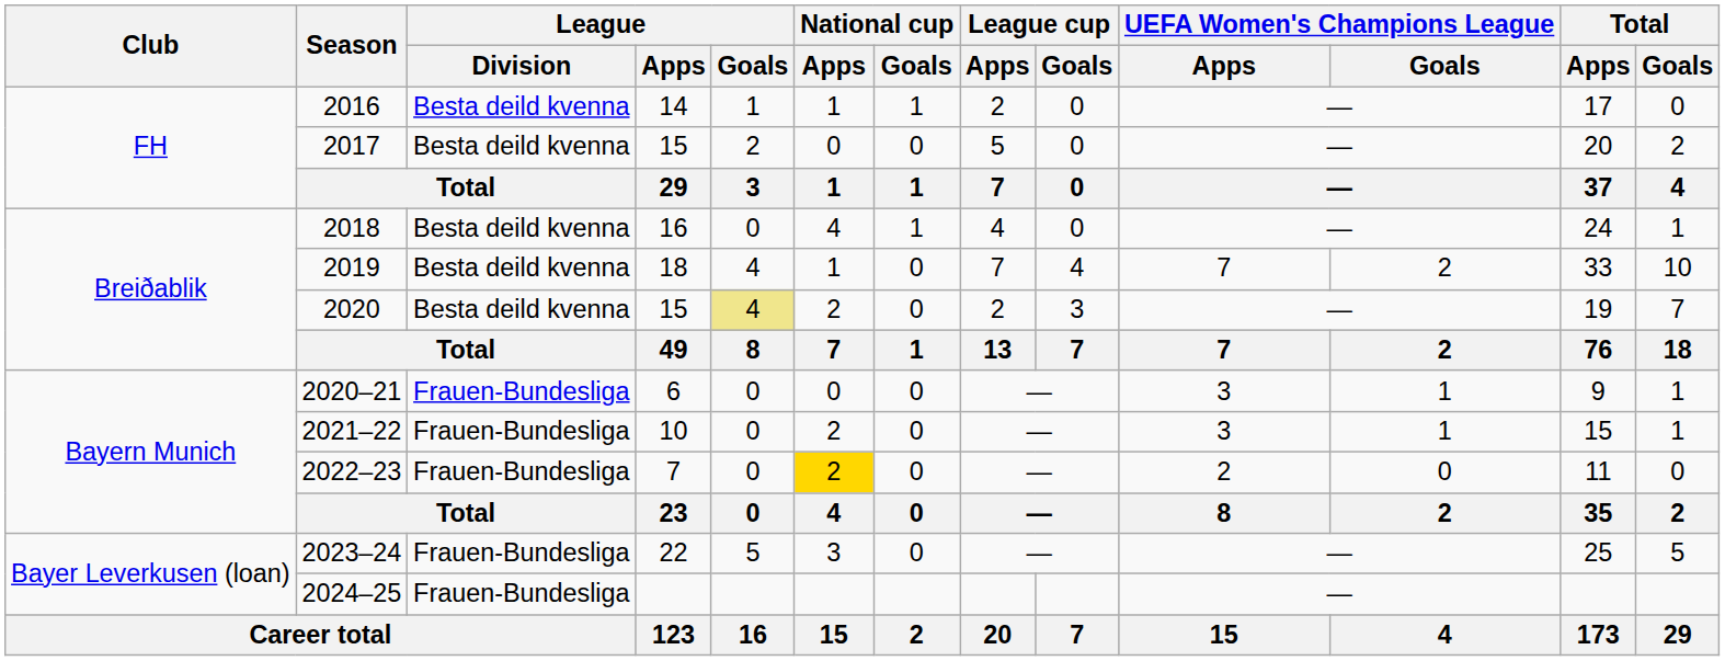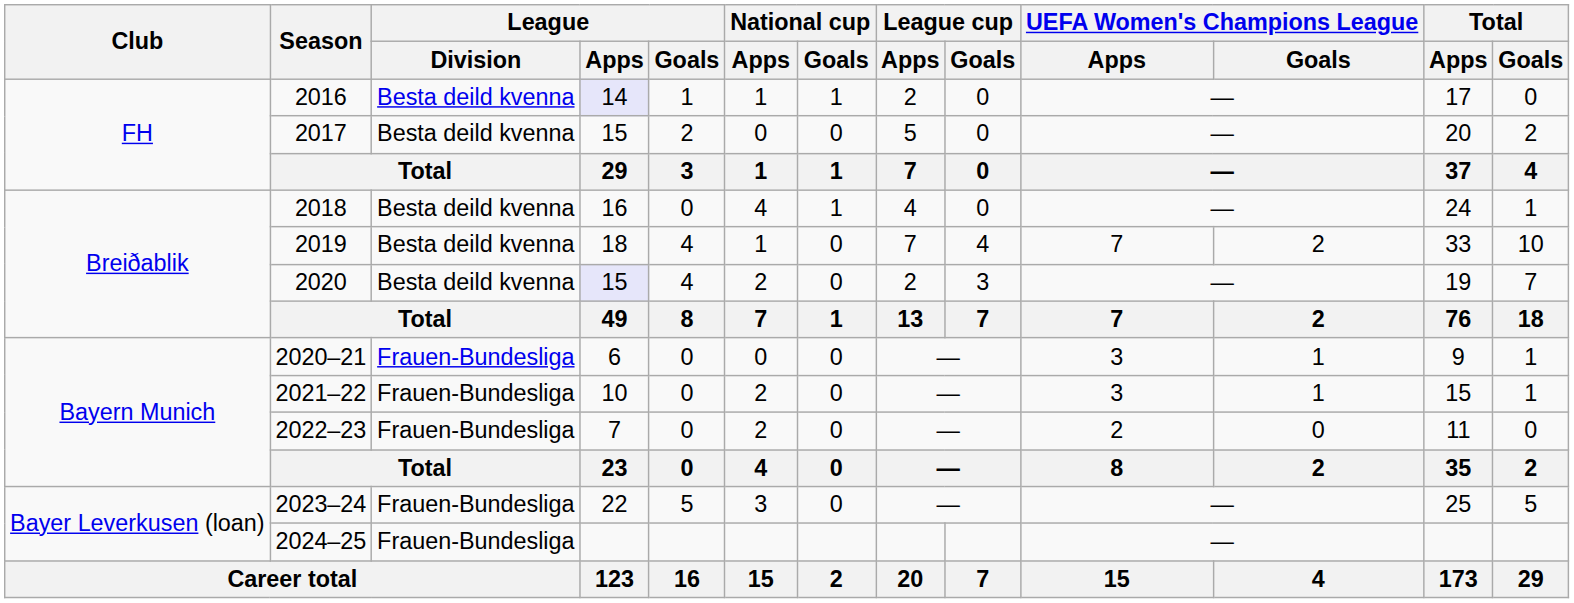 <table class="wikitable" style="text-align:center">
 <tr>
 <th rowspan="2">Club</th>
 <th rowspan="2">Season</th>
 <th colspan="3">League</th>
 <th colspan="2">National cup </th>
 <th colspan="2">League cup </th>
 <th colspan="2"><a href='#'>UEFA Women's Champions League</a></th>
 <th colspan="2">Total</th>
 </tr>
 <tr>
 <th>Division</th>
 <th>Apps</th>
 <th>Goals</th>
 <th>Apps</th>
 <th>Goals</th>
 <th>Apps</th>
 <th>Goals</th>
 <th>Apps</th>
 <th>Goals</th>
 <th>Apps</th>
 <th>Goals</th>
 </tr>
 <tr>
 <td rowspan="3"><a href='#'>FH</a></td>
 <td>2016</td>
 <td><a href='#'>Besta deild kvenna</a></td>
-<td>14</td>
+<td style="background: lavender;">14</td>
 <td>1</td>
 <td>1</td>
 <td>1</td>
 <td>2</td>
 <td>0</td>
 <td colspan="2">—</td>
 <td>17</td>
 <td>0</td>
 </tr>
 <tr>
 <td>2017</td>
 <td>Besta deild kvenna</td>
 <td>15</td>
 <td>2</td>
 <td>0</td>
 <td>0</td>
 <td>5</td>
 <td>0</td>
 <td colspan="2">—</td>
 <td>20</td>
 <td>2</td>
 </tr>
 <tr>
 <th colspan="2">Total</th>
 <th>29</th>
 <th>3</th>
 <th>1</th>
 <th>1</th>
 <th>7</th>
 <th>0</th>
 <th colspan="2">—</th>
 <th>37</th>
 <th>4</th>
 </tr>
 <tr>
 <td rowspan="4"><a href='#'>Breiðablik</a></td>
 <td>2018</td>
 <td>Besta deild kvenna</td>
 <td>16</td>
 <td>0</td>
 <td>4</td>
 <td>1</td>
 <td>4</td>
 <td>0</td>
 <td colspan="2">—</td>
 <td>24</td>
 <td>1</td>
 </tr>
 <tr>
 <td>2019</td>
 <td>Besta deild kvenna</td>
 <td>18</td>
 <td>4</td>
 <td>1</td>
 <td>0</td>
 <td>7</td>
 <td>4</td>
 <td>7</td>
 <td>2</td>
 <td>33</td>
 <td>10</td>
 </tr>
 <tr>
 <td>2020</td>
 <td>Besta deild kvenna</td>
-<td>15</td>
-<td style="background: khaki;">4</td>
+<td style="background: lavender;">15</td>
+<td>4</td>
 <td>2</td>
 <td>0</td>
 <td>2</td>
 <td>3</td>
 <td colspan="2">—</td>
 <td>19</td>
 <td>7</td>
 </tr>
 <tr>
 <th colspan="2">Total</th>
 <th>49</th>
 <th>8</th>
 <th>7</th>
 <th>1</th>
 <th>13</th>
 <th>7</th>
 <th>7</th>
 <th>2</th>
 <th>76</th>
 <th>18</th>
 </tr>
 <tr>
 <td rowspan="4"><a href='#'>Bayern Munich</a></td>
 <td>2020–21</td>
 <td><a href='#'>Frauen-Bundesliga</a></td>
 <td>6</td>
 <td>0</td>
 <td>0</td>
 <td>0</td>
 <td colspan="2">—</td>
 <td>3</td>
 <td>1</td>
 <td>9</td>
 <td>1</td>
 </tr>
 <tr>
 <td>2021–22</td>
 <td>Frauen-Bundesliga</td>
 <td>10</td>
 <td>0</td>
 <td>2</td>
 <td>0</td>
 <td colspan="2">—</td>
 <td>3</td>
 <td>1</td>
 <td>15</td>
 <td>1</td>
 </tr>
 <tr>
 <td>2022–23</td>
 <td>Frauen-Bundesliga</td>
 <td>7</td>
 <td>0</td>
-<td style="background: gold;">2</td>
+<td>2</td>
 <td>0</td>
 <td colspan="2">—</td>
 <td>2</td>
 <td>0</td>
 <td>11</td>
 <td>0</td>
 </tr>
 <tr>
 <th colspan="2">Total</th>
 <th>23</th>
 <th>0</th>
 <th>4</th>
 <th>0</th>
 <th colspan="2">—</th>
 <th>8</th>
 <th>2</th>
 <th>35</th>
 <th>2</th>
 </tr>
 <tr>
 <td rowspan="2"><a href='#'>Bayer Leverkusen</a> (loan)</td>
 <td>2023–24</td>
 <td>Frauen-Bundesliga</td>
 <td>22</td>
 <td>5</td>
 <td>3</td>
 <td>0</td>
 <td colspan="2">—</td>
 <td colspan="2">—</td>
 <td>25</td>
 <td>5</td>
 </tr>
 <tr>
 <td>2024–25</td>
 <td>Frauen-Bundesliga</td>
 <td></td>
 <td></td>
 <td></td>
 <td></td>
 <td></td>
 <td></td>
 <td colspan="2">—</td>
 <td></td>
 <td></td>
 </tr>
 <tr>
 <th colspan="3">Career total</th>
 <th>123</th>
 <th>16</th>
 <th>15</th>
 <th>2</th>
 <th>20</th>
 <th>7</th>
 <th>15</th>
 <th>4</th>
 <th>173</th>
 <th>29</th>
 </tr>
 </table>
